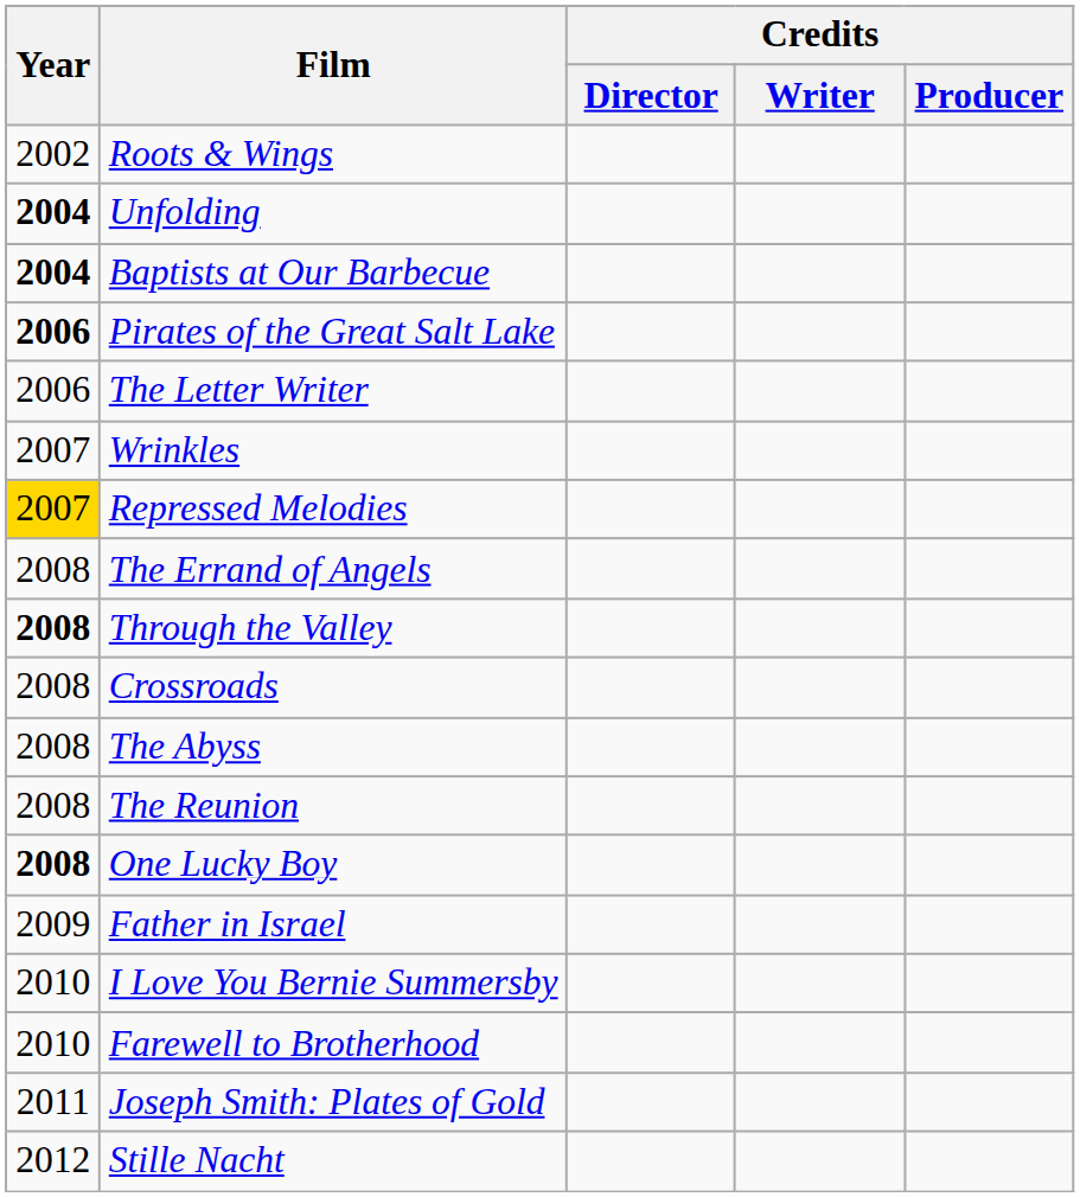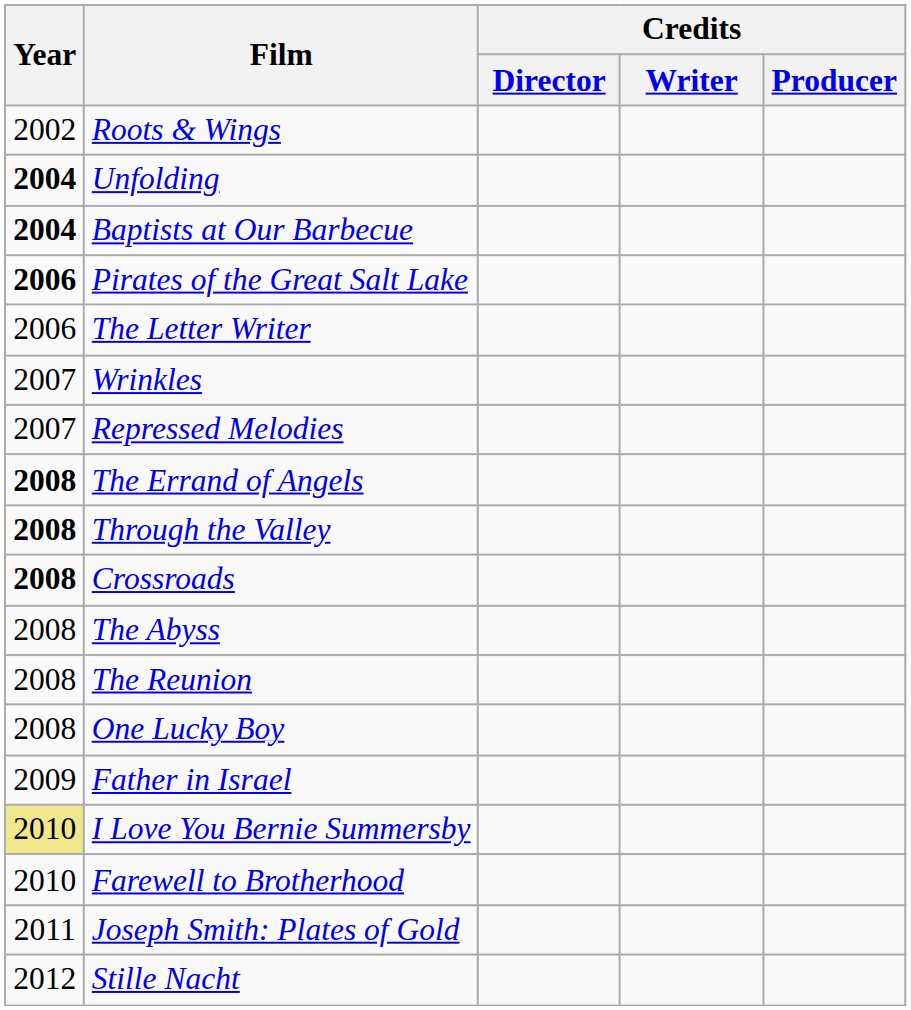 <table class="wikitable" style="text-align:center;">
 <tr>
 <th rowspan="2" width="33">Year</th>
 <th rowspan="2">Film</th>
 <th colspan="4">Credits</th>
 </tr>
 <tr>
 <th width=65><a href='#'>Director</a></th>
 <th width=65><a href='#'>Writer</a></th>
 <th width=65><a href='#'>Producer</a></th>
 </tr>
 <tr>
 <td>2002</td>
 <td style="text-align:left;"><em><a href='#'>Roots & Wings</a></em></td>
 <td></td>
 <td></td>
 <td></td>
 </tr>
 <tr>
 <td><strong>2004</strong></td>
 <td style="text-align:left;"><em><a href='#'>Unfolding</a></em></td>
 <td></td>
 <td></td>
 <td></td>
 </tr>
 <tr>
 <td><strong>2004</strong></td>
 <td style="text-align:left;"><em><a href='#'>Baptists at Our Barbecue</a></em></td>
 <td></td>
 <td></td>
 <td></td>
 </tr>
 <tr>
 <td><strong>2006</strong></td>
 <td style="text-align:left;"><em><a href='#'>Pirates of the Great Salt Lake</a></em></td>
 <td></td>
 <td></td>
 <td></td>
 </tr>
 <tr>
 <td>2006</td>
 <td style="text-align:left;"><em><a href='#'>The Letter Writer</a></em></td>
 <td></td>
 <td></td>
 <td></td>
 </tr>
 <tr>
 <td>2007</td>
 <td style="text-align:left;"><em><a href='#'>Wrinkles</a></em></td>
 <td></td>
 <td></td>
 <td></td>
 </tr>
 <tr>
-<td style="background: gold;">2007</td>
+<td>2007</td>
 <td style="text-align:left;"><em><a href='#'>Repressed Melodies</a></em></td>
 <td></td>
 <td></td>
 <td></td>
 </tr>
 <tr>
-<td>2008</td>
+<td><strong>2008</strong></td>
 <td style="text-align:left;"><em><a href='#'>The Errand of Angels</a></em></td>
 <td></td>
 <td></td>
 <td></td>
 </tr>
 <tr>
 <td><strong>2008</strong></td>
 <td style="text-align:left;"><em><a href='#'>Through the Valley</a></em></td>
 <td></td>
 <td></td>
 <td></td>
 </tr>
 <tr>
-<td>2008</td>
+<td><strong>2008</strong></td>
 <td style="text-align:left;"><em><a href='#'>Crossroads</a></em></td>
 <td></td>
 <td></td>
 <td></td>
 </tr>
 <tr>
 <td>2008</td>
 <td style="text-align:left;"><em><a href='#'>The Abyss</a></em></td>
 <td></td>
 <td></td>
 <td></td>
 </tr>
 <tr>
 <td>2008</td>
 <td style="text-align:left;"><em><a href='#'>The Reunion</a></em></td>
 <td></td>
 <td></td>
 <td></td>
 </tr>
 <tr>
-<td><strong>2008</strong></td>
+<td>2008</td>
 <td style="text-align:left;"><em><a href='#'>One Lucky Boy</a></em></td>
 <td></td>
 <td></td>
 <td></td>
 </tr>
 <tr>
 <td>2009</td>
 <td style="text-align:left;"><em><a href='#'>Father in Israel</a></em></td>
 <td></td>
 <td></td>
 <td></td>
 </tr>
 <tr>
-<td>2010</td>
+<td style="background: khaki;">2010</td>
 <td style="text-align:left;"><em><a href='#'>I Love You Bernie Summersby</a></em></td>
 <td></td>
 <td></td>
 <td></td>
 </tr>
 <tr>
 <td>2010</td>
 <td style="text-align:left;"><em><a href='#'>Farewell to Brotherhood</a></em></td>
 <td></td>
 <td></td>
 <td></td>
 </tr>
 <tr>
 <td>2011</td>
 <td style="text-align:left;"><em><a href='#'>Joseph Smith: Plates of Gold</a></em></td>
 <td></td>
 <td></td>
 <td></td>
 </tr>
 <tr>
 <td>2012</td>
 <td style="text-align:left;"><em><a href='#'>Stille Nacht</a></em></td>
 <td></td>
 <td></td>
 <td></td>
 </tr>
 <tr>
 </tr>
 </table>
